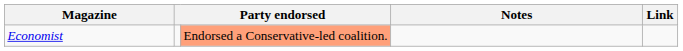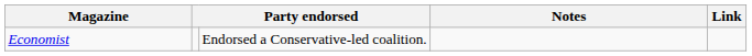 <table class="wikitable">
 <tr>
 <th style="width:200px;">Magazine</th>
 <th colspan=2>Party endorsed</th>
 <th style="width:300px;">Notes</th>
 <th style="width:35px;">Link</th>
 </tr>
 <tr>
 <td><em><a href='#'>Economist</a></em></td>
 <td></td>
-<td style="background: lightsalmon;">Endorsed a Conservative-led coalition.</td>
+<td>Endorsed a Conservative-led coalition.</td>
 <td></td>
 </tr>
 </table>
